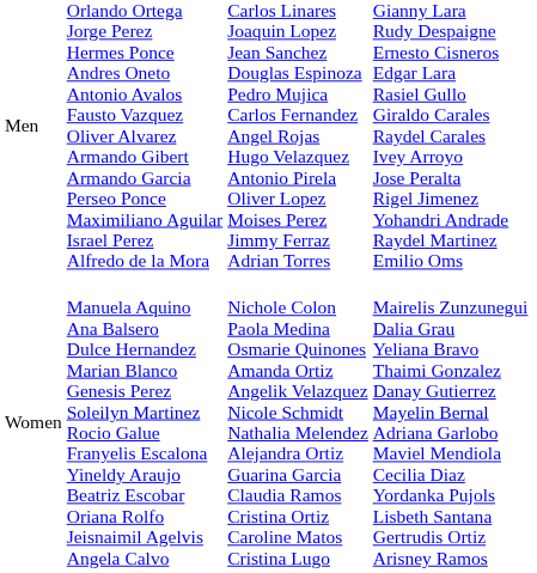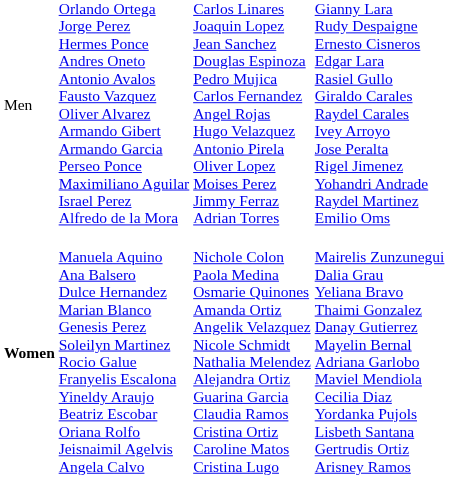 <table>
 <tr>
 <td>Men<br></td>
 <td><br><a href='#'>Orlando Ortega</a><br><a href='#'>Jorge Perez</a><br><a href='#'>Hermes Ponce</a><br><a href='#'>Andres Oneto</a><br><a href='#'>Antonio Avalos</a><br><a href='#'>Fausto Vazquez</a><br><a href='#'>Oliver Alvarez</a><br><a href='#'>Armando Gibert</a><br><a href='#'>Armando Garcia</a><br><a href='#'>Perseo Ponce</a><br><a href='#'>Maximiliano Aguilar</a><br><a href='#'>Israel Perez</a><br><a href='#'>Alfredo de la Mora</a></td>
 <td><br><a href='#'>Carlos Linares</a><br><a href='#'>Joaquin Lopez</a><br><a href='#'>Jean Sanchez</a><br><a href='#'>Douglas Espinoza</a><br><a href='#'>Pedro Mujica</a><br><a href='#'>Carlos Fernandez</a><br><a href='#'>Angel Rojas</a><br><a href='#'>Hugo Velazquez</a><br><a href='#'>Antonio Pirela</a><br><a href='#'>Oliver Lopez</a><br><a href='#'>Moises Perez</a><br><a href='#'>Jimmy Ferraz</a><br><a href='#'>Adrian Torres</a></td>
 <td><br><a href='#'>Gianny Lara</a><br><a href='#'>Rudy Despaigne</a><br><a href='#'>Ernesto Cisneros</a><br><a href='#'>Edgar Lara</a><br><a href='#'>Rasiel Gullo</a><br><a href='#'>Giraldo Carales</a><br><a href='#'>Raydel Carales</a><br><a href='#'>Ivey Arroyo</a><br><a href='#'>Jose Peralta</a><br><a href='#'>Rigel Jimenez</a><br><a href='#'>Yohandri Andrade</a><br><a href='#'>Raydel Martinez</a><br><a href='#'>Emilio Oms</a></td>
 </tr>
 <tr>
-<td>Women<br></td>
+<td><strong>Women<br></strong></td>
 <td><br><a href='#'>Manuela Aquino</a><br><a href='#'>Ana Balsero</a><br><a href='#'>Dulce Hernandez</a><br><a href='#'>Marian Blanco</a><br><a href='#'>Genesis Perez</a><br><a href='#'>Soleilyn Martinez</a><br><a href='#'>Rocio Galue</a><br><a href='#'>Franyelis Escalona</a><br><a href='#'>Yineldy Araujo</a><br><a href='#'>Beatriz Escobar</a><br><a href='#'>Oriana Rolfo</a><br><a href='#'>Jeisnaimil Agelvis</a><br><a href='#'>Angela Calvo</a></td>
 <td><br><a href='#'>Nichole Colon</a><br><a href='#'>Paola Medina</a><br><a href='#'>Osmarie Quinones</a><br><a href='#'>Amanda Ortiz</a><br><a href='#'>Angelik Velazquez</a><br><a href='#'>Nicole Schmidt</a><br><a href='#'>Nathalia Melendez</a><br><a href='#'>Alejandra Ortiz</a><br><a href='#'>Guarina Garcia</a><br><a href='#'>Claudia Ramos</a><br><a href='#'>Cristina Ortiz</a><br><a href='#'>Caroline Matos</a><br><a href='#'>Cristina Lugo</a></td>
 <td><br><a href='#'>Mairelis Zunzunegui</a><br><a href='#'>Dalia Grau</a><br><a href='#'>Yeliana Bravo</a><br><a href='#'>Thaimi Gonzalez</a><br><a href='#'>Danay Gutierrez</a><br><a href='#'>Mayelin Bernal</a><br><a href='#'>Adriana Garlobo</a><br><a href='#'>Maviel Mendiola</a><br><a href='#'>Cecilia Diaz</a><br><a href='#'>Yordanka Pujols</a><br><a href='#'>Lisbeth Santana</a><br><a href='#'>Gertrudis Ortiz</a><br><a href='#'>Arisney Ramos</a></td>
 </tr>
 </table>
